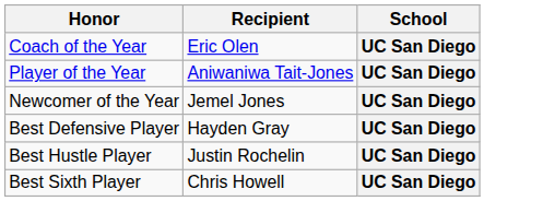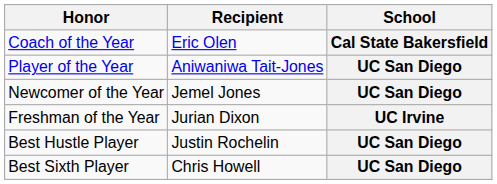 <table class="wikitable" style="white-space:nowrap; font-size:90%;">
 <tr>
 <th>Honor</th>
 <th>Recipient</th>
 <th>School</th>
 </tr>
 <tr>
 <td><a href='#'>Coach of the Year</a></td>
 <td><a href='#'>Eric Olen</a></td>
-<th>UC San Diego</th>
+<th>Cal State Bakersfield</th>
 </tr>
 <tr>
 <td><a href='#'>Player of the Year</a></td>
 <td><a href='#'>Aniwaniwa Tait-Jones</a></td>
 <th>UC San Diego</th>
 </tr>
 <tr>
 <td>Newcomer of the Year</td>
 <td>Jemel Jones</td>
 <th>UC San Diego</th>
 </tr>
 <tr>
-<td>Best Defensive Player</td>
-<td>Hayden Gray</td>
-<th>UC San Diego</th>
+<td>Freshman of the Year</td>
+<td>Jurian Dixon</td>
+<th>UC Irvine</th>
 </tr>
 <tr>
 <td>Best Hustle Player</td>
 <td>Justin Rochelin</td>
 <th>UC San Diego</th>
 </tr>
 <tr>
 <td>Best Sixth Player</td>
 <td>Chris Howell</td>
 <th>UC San Diego</th>
 </tr>
 </table>
